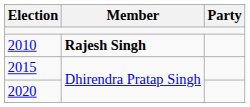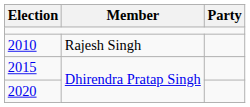 <table class="wikitable sortable">
 <tr>
 <th>Election</th>
 <th>Member</th>
 <th colspan="2">Party</th>
 </tr>
 <tr>
 <td colspan="4"></td>
 </tr>
 <tr>
 <td><a href='#'>2010</a></td>
-<td><strong>Rajesh Singh</strong></td>
+<td>Rajesh Singh</td>
 <td></td>
 </tr>
 <tr>
 <td><a href='#'>2015</a></td>
 <td rowspan="2"><a href='#'>Dhirendra Pratap Singh</a></td>
 <td></td>
 </tr>
 <tr>
 <td><a href='#'>2020</a></td>
 <td></td>
 </tr>
 </table>
